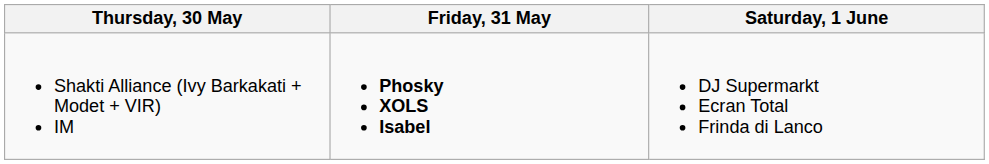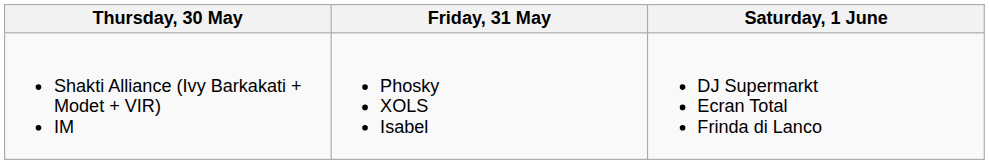 <table class="wikitable">
 <tr>
 <th width="500">Thursday, 30 May</th>
 <th width="500">Friday, 31 May</th>
 <th width="500">Saturday, 1 June</th>
 </tr>
 <tr valign="top">
 <td><br><ul><li>Shakti Alliance (Ivy Barkakati + Modet + VIR)</li><li>IM</li></ul></td>
-<td><strong><br><ul><li>Phosky</li><li>XOLS</li><li>Isabel</li></ul></strong></td>
+<td><br><ul><li>Phosky</li><li>XOLS</li><li>Isabel</li></ul></td>
 <td><br><ul><li>DJ Supermarkt</li><li>Ecran Total</li><li>Frinda di Lanco</li></ul></td>
 </tr>
 </table>
